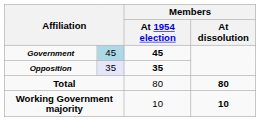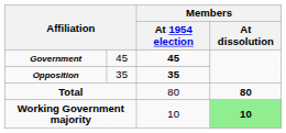 <table class="wikitable" border="1" style="font-size:95%; width:300pt; text-align:center">
 <tr>
 <th colspan="2" rowspan="2" style="text-align:center;vertical-align:middle; ">Affiliation</th>
 <th colspan="2" style="vertical-align:top;">Members</th>
 </tr>
 <tr>
 <th>At <a href='#'>1954 election</a></th>
 <th>At dissolution</th>
 </tr>
 <tr>
 <td> <small><strong><em>Government</em></strong></small></td>
-<td style="background: lightblue;">45</td>
+<td>45</td>
 <td><strong>45</strong></td>
 </tr>
 <tr>
 <td> <small><strong><em>Opposition</em></strong></small></td>
-<td style="background: lavender;">35</td>
+<td>35</td>
 <td><strong>35</strong></td>
 </tr>
 <tr>
 <td colspan="2" rowspan="1"><strong>Total</strong><br></td>
 <td>80</td>
 <td><strong>80</strong></td>
 </tr>
 <tr>
 <td colspan="2" rowspan="1"><strong>Working Government majority</strong></td>
 <td>10</td>
-<td><strong>10</strong></td>
+<td style="background: lightgreen;"><strong>10</strong></td>
 </tr>
 </table>
